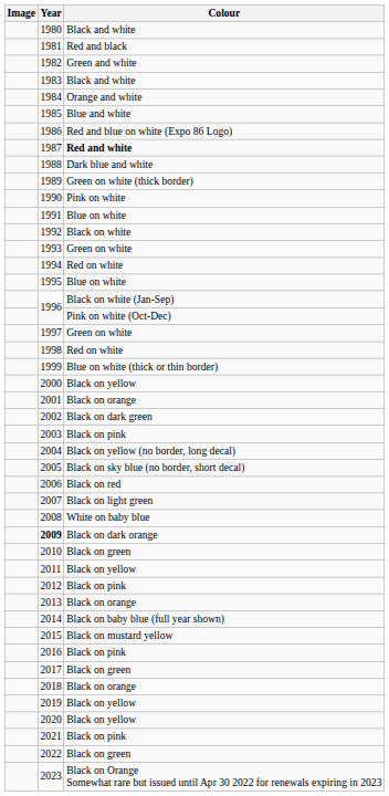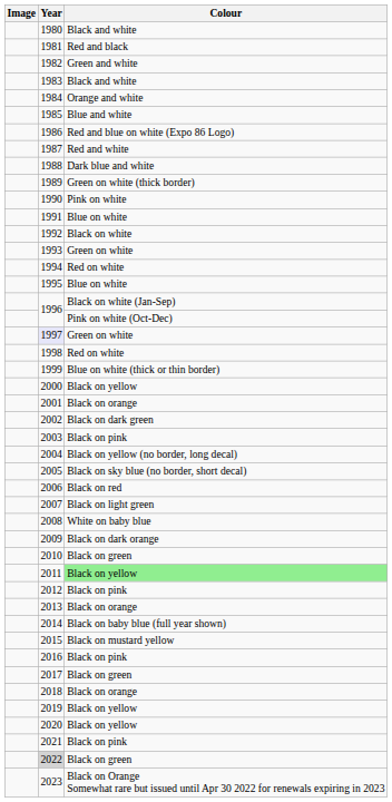 <table class="wikitable">
 <tr>
 <th>Image</th>
 <th>Year</th>
 <th>Colour</th>
 </tr>
 <tr>
 <td></td>
 <td>1980</td>
 <td>Black and white</td>
 </tr>
 <tr>
 <td></td>
 <td>1981</td>
 <td>Red and black</td>
 </tr>
 <tr>
 <td></td>
 <td>1982</td>
 <td>Green and white</td>
 </tr>
 <tr>
 <td></td>
 <td>1983</td>
 <td>Black and white</td>
 </tr>
 <tr>
 <td></td>
 <td>1984</td>
 <td>Orange and white</td>
 </tr>
 <tr>
 <td></td>
 <td>1985</td>
 <td>Blue and white</td>
 </tr>
 <tr>
 <td></td>
 <td>1986</td>
 <td>Red and blue on white (Expo 86 Logo)</td>
 </tr>
 <tr>
 <td></td>
 <td>1987</td>
-<td><strong>Red and white</strong></td>
+<td>Red and white</td>
 </tr>
 <tr>
 <td></td>
 <td>1988</td>
 <td>Dark blue and white</td>
 </tr>
 <tr>
 <td></td>
 <td>1989</td>
 <td>Green on white (thick border)</td>
 </tr>
 <tr>
 <td></td>
 <td>1990</td>
 <td>Pink on white</td>
 </tr>
 <tr>
 <td></td>
 <td>1991</td>
 <td>Blue on white</td>
 </tr>
 <tr>
 <td></td>
 <td>1992</td>
 <td>Black on white</td>
 </tr>
 <tr>
 <td></td>
 <td>1993</td>
 <td>Green on white</td>
 </tr>
 <tr>
 <td></td>
 <td>1994</td>
 <td>Red on white</td>
 </tr>
 <tr>
 <td></td>
 <td>1995</td>
 <td>Blue on white</td>
 </tr>
 <tr>
 <td></td>
 <td rowspan="2">1996</td>
 <td>Black on white (Jan-Sep)</td>
 </tr>
 <tr>
 <td></td>
 <td>Pink on white (Oct-Dec)</td>
 </tr>
 <tr>
 <td></td>
-<td>1997</td>
+<td style="background: lavender;">1997</td>
 <td>Green on white</td>
 </tr>
 <tr>
 <td></td>
 <td>1998</td>
 <td>Red on white</td>
 </tr>
 <tr>
 <td></td>
 <td>1999</td>
 <td>Blue on white (thick or thin border)</td>
 </tr>
 <tr>
 <td></td>
 <td>2000</td>
 <td>Black on yellow</td>
 </tr>
 <tr>
 <td></td>
 <td>2001</td>
 <td>Black on orange</td>
 </tr>
 <tr>
 <td></td>
 <td>2002</td>
 <td>Black on dark green</td>
 </tr>
 <tr>
 <td></td>
 <td>2003</td>
 <td>Black on pink</td>
 </tr>
 <tr>
 <td></td>
 <td>2004</td>
 <td>Black on yellow (no border, long decal)</td>
 </tr>
 <tr>
 <td></td>
 <td>2005</td>
 <td>Black on sky blue (no border, short decal)</td>
 </tr>
 <tr>
 <td></td>
 <td>2006</td>
 <td>Black on red</td>
 </tr>
 <tr>
 <td></td>
 <td>2007</td>
 <td>Black on light green</td>
 </tr>
 <tr>
 <td></td>
 <td>2008</td>
 <td>White on baby blue</td>
 </tr>
 <tr>
 <td></td>
-<td><strong>2009</strong></td>
+<td>2009</td>
 <td>Black on dark orange</td>
 </tr>
 <tr>
 <td></td>
 <td>2010</td>
 <td>Black on green</td>
 </tr>
 <tr>
 <td></td>
 <td>2011</td>
-<td>Black on yellow</td>
+<td style="background: lightgreen;">Black on yellow</td>
 </tr>
 <tr>
 <td></td>
 <td>2012</td>
 <td>Black on pink</td>
 </tr>
 <tr>
 <td></td>
 <td>2013</td>
 <td>Black on orange</td>
 </tr>
 <tr>
 <td></td>
 <td>2014</td>
 <td>Black on baby blue (full year shown)</td>
 </tr>
 <tr>
 <td></td>
 <td>2015</td>
 <td>Black on mustard yellow</td>
 </tr>
 <tr>
 <td></td>
 <td>2016</td>
 <td>Black on pink</td>
 </tr>
 <tr>
 <td></td>
 <td>2017</td>
 <td>Black on green</td>
 </tr>
 <tr>
 <td></td>
 <td>2018</td>
 <td>Black on orange</td>
 </tr>
 <tr>
 <td></td>
 <td>2019</td>
 <td>Black on yellow</td>
 </tr>
 <tr>
 <td></td>
 <td>2020</td>
 <td>Black on yellow</td>
 </tr>
 <tr>
 <td></td>
 <td>2021</td>
 <td>Black on pink</td>
 </tr>
 <tr>
 <td></td>
-<td>2022</td>
+<td style="background: lightgrey;">2022</td>
 <td>Black on green</td>
 </tr>
 <tr>
 <td></td>
 <td>2023</td>
 <td>Black on Orange<br>Somewhat rare but issued until  Apr 30 2022 for renewals expiring in 2023</td>
 </tr>
 </table>
